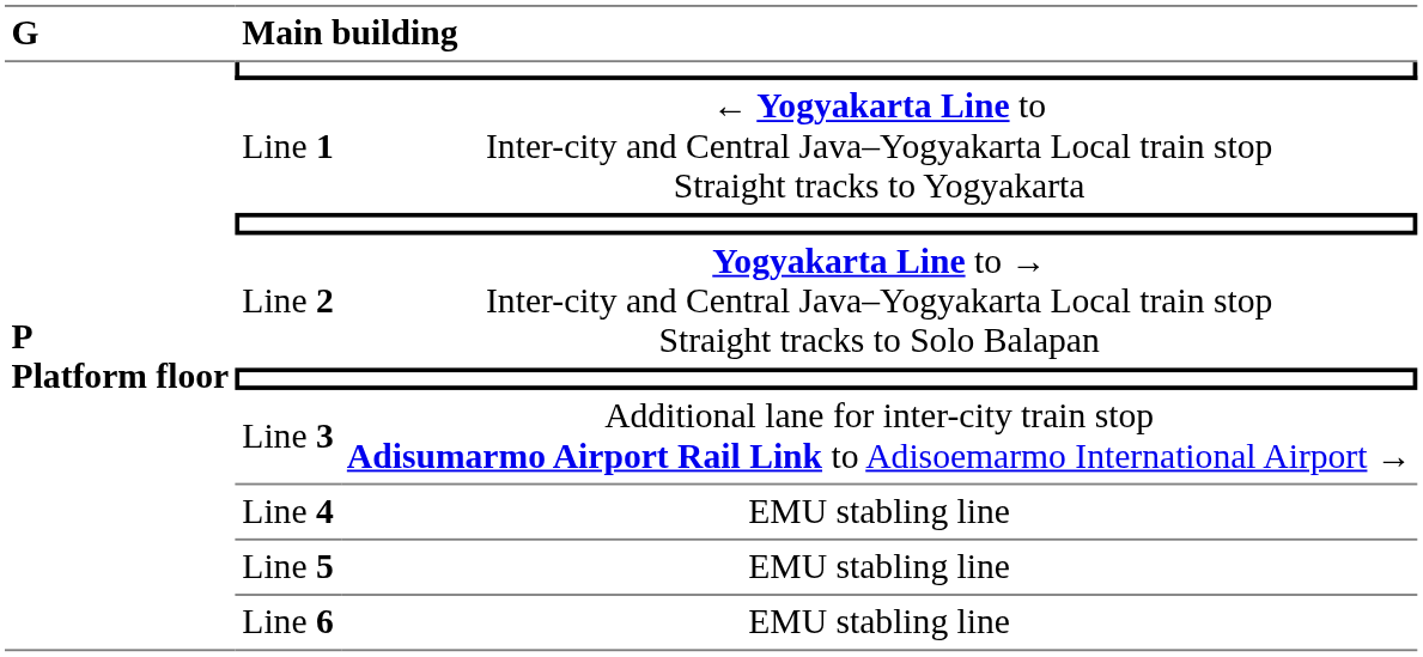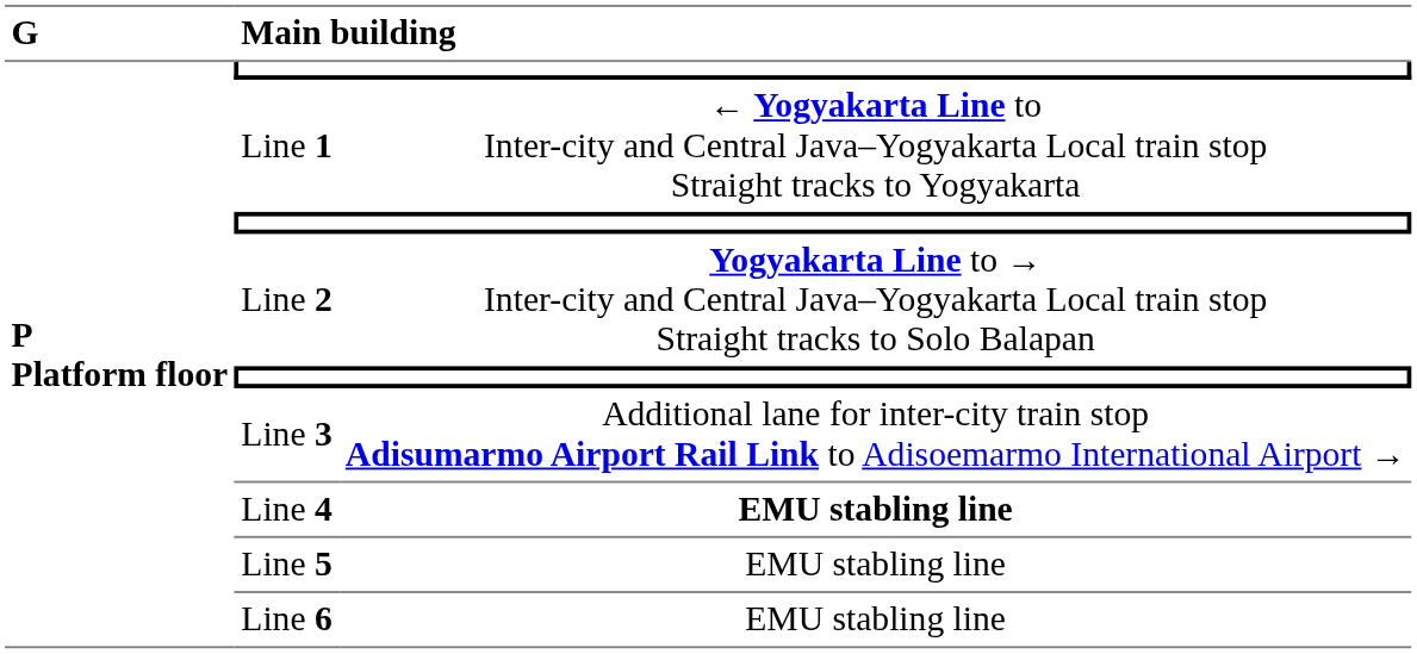 <table cellspacing="0" cellpadding="3">
 <tr>
 <td style="border-top:solid 1px gray;border-bottom:solid 1px gray;"><strong>G</strong></td>
 <td colspan="2" style="border-top:solid 1px gray;border-bottom:solid 1px gray;"><strong>Main building</strong></td>
 </tr>
 <tr>
 <td rowspan="9" style="border-bottom:solid 1px gray;"><strong>P</strong><br><strong>Platform floor</strong></td>
 <td colspan="2" style="border-bottom:solid 2px black;border-left:solid 2px black;border-right:solid 2px black;text-align:center"></td>
 </tr>
 <tr>
 <td>Line <strong>1</strong></td>
 <td style="text-align:center">←   <strong><a href='#'>Yogyakarta Line</a></strong> to <br>Inter-city and Central Java–Yogyakarta Local train stop<br>Straight tracks to Yogyakarta</td>
 </tr>
 <tr>
 <td colspan="2" style="border-top:solid 2px black;border-bottom:solid 2px black;border-left:solid 2px black;border-right:solid 2px black;text-align:center"></td>
 </tr>
 <tr>
 <td>Line <strong>2</strong></td>
 <td style="text-align:center"> <strong><a href='#'>Yogyakarta Line</a></strong> to   →<br>Inter-city and Central Java–Yogyakarta Local train stop<br>Straight tracks to Solo Balapan</td>
 </tr>
 <tr>
 <td colspan="2" style="border-top:solid 2px black;border-bottom:solid 2px black;border-left:solid 2px black;border-right:solid 2px black;text-align:center"></td>
 </tr>
 <tr>
 <td>Line <strong>3</strong></td>
 <td style="text-align:center">Additional lane for inter-city train stop<br> <strong><a href='#'>Adisumarmo Airport Rail Link</a></strong> to <a href='#'>Adisoemarmo International Airport</a>  →</td>
 </tr>
 <tr>
 <td style="border-bottom:solid 1px gray;border-top:solid 1px gray;">Line <strong>4</strong></td>
-<td style="border-top:solid 1px gray;border-bottom:solid 1px gray;text-align:center">EMU stabling line</td>
+<td style="border-top:solid 1px gray;border-bottom:solid 1px gray;text-align:center"><strong>EMU stabling line</strong></td>
 </tr>
 <tr>
 <td style="border-bottom:solid 1px gray;">Line <strong>5</strong></td>
 <td style="border-bottom:solid 1px gray;text-align:center">EMU stabling line</td>
 </tr>
 <tr>
 <td style="border-bottom:solid 1px gray;">Line <strong>6</strong></td>
 <td style="border-bottom:solid 1px gray;text-align:center">EMU stabling line</td>
 </tr>
 <tr>
 </tr>
 </table>
